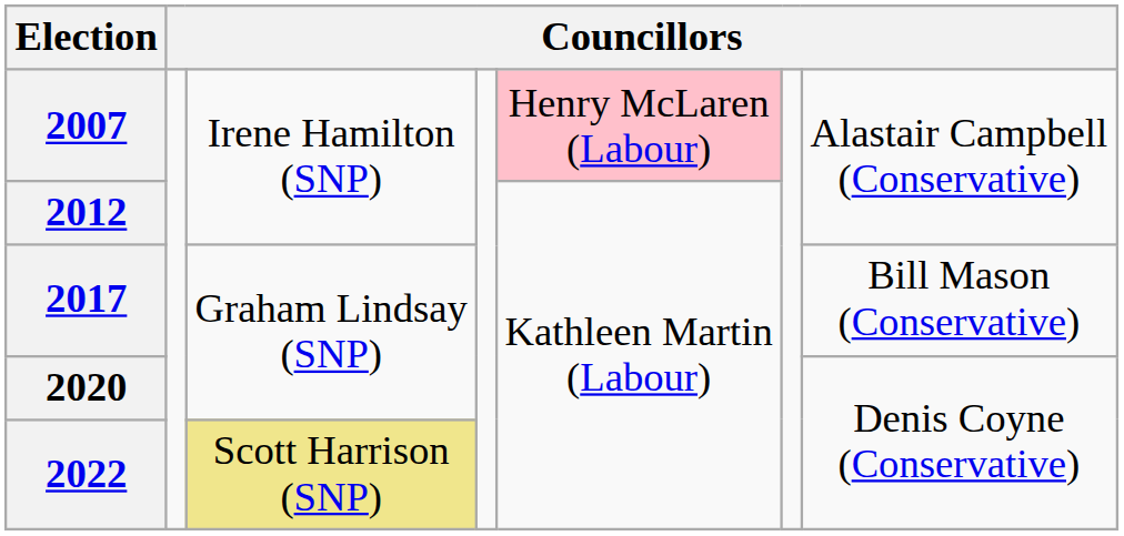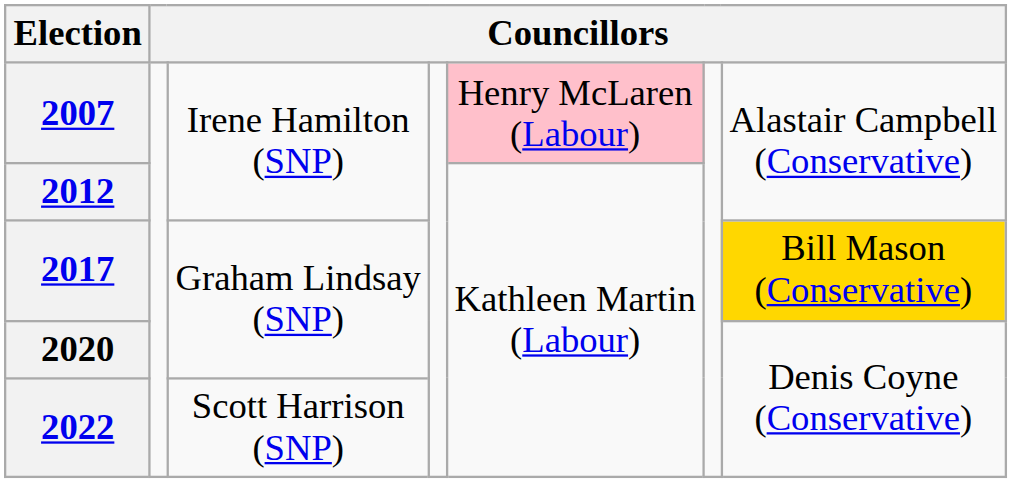 <table class="wikitable" style="text-align:center">
 <tr>
 <th>Election</th>
 <th colspan=8>Councillors</th>
 </tr>
 <tr>
 <th><a href='#'>2007</a></th>
 <td rowspan=5; style="background-color: "></td>
 <td rowspan=2>Irene Hamilton<br>(<a href='#'>SNP</a>)</td>
 <td rowspan=5; style="background-color: "></td>
 <td rowspan=1 style="background: pink;">Henry McLaren<br>(<a href='#'>Labour</a>)</td>
 <td rowspan=5; style="background-color: "></td>
 <td rowspan=2>Alastair Campbell<br>(<a href='#'>Conservative</a>)</td>
 </tr>
 <tr>
 <th><a href='#'>2012</a></th>
 <td rowspan=4>Kathleen Martin<br>(<a href='#'>Labour</a>)</td>
 </tr>
 <tr>
 <th><a href='#'>2017</a></th>
 <td rowspan=2>Graham Lindsay<br>(<a href='#'>SNP</a>)</td>
-<td rowspan=1>Bill Mason<br>(<a href='#'>Conservative</a>)</td>
+<td rowspan=1 style="background: gold;">Bill Mason<br>(<a href='#'>Conservative</a>)</td>
 </tr>
 <tr>
 <th>2020</th>
 <td rowspan=2>Denis Coyne<br>(<a href='#'>Conservative</a>)</td>
 </tr>
 <tr>
 <th><a href='#'>2022</a></th>
-<td rowspan=1 style="background: khaki;">Scott Harrison<br>(<a href='#'>SNP</a>)</td>
+<td rowspan=1>Scott Harrison<br>(<a href='#'>SNP</a>)</td>
 </tr>
 </table>
